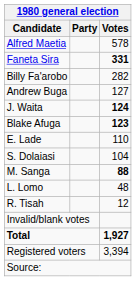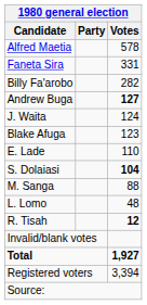 <table class=wikitable style=text-align:left>
 <tr>
 <th colspan=3><a href='#'>1980 general election</a></th>
 </tr>
 <tr>
 <th>Candidate</th>
 <th>Party</th>
 <th>Votes</th>
 </tr>
 <tr>
 <td><a href='#'>Alfred Maetia</a></td>
 <td></td>
 <td align=right>578</td>
 </tr>
 <tr>
 <td><a href='#'>Faneta Sira</a></td>
 <td></td>
-<td align=right><strong>331</strong></td>
+<td align=right>331</td>
 </tr>
 <tr>
 <td>Billy Fa'arobo</td>
 <td></td>
 <td align=right>282</td>
 </tr>
 <tr>
 <td>Andrew Buga</td>
 <td></td>
-<td align=right>127</td>
+<td align=right><strong>127</strong></td>
 </tr>
 <tr>
 <td>J. Waita</td>
 <td></td>
-<td align=right><strong>124</strong></td>
+<td align=right>124</td>
 </tr>
 <tr>
 <td>Blake Afuga</td>
 <td></td>
-<td align=right><strong>123</strong></td>
+<td align=right>123</td>
 </tr>
 <tr>
 <td>E. Lade</td>
 <td></td>
 <td align=right>110</td>
 </tr>
 <tr>
 <td>S. Dolaiasi</td>
 <td></td>
-<td align=right>104</td>
+<td align=right><strong>104</strong></td>
 </tr>
 <tr>
 <td>M. Sanga</td>
 <td></td>
-<td align=right><strong>88</strong></td>
+<td align=right>88</td>
 </tr>
 <tr>
 <td>L. Lomo</td>
 <td></td>
 <td align=right>48</td>
 </tr>
 <tr>
 <td>R. Tisah</td>
 <td></td>
-<td align=right>12</td>
+<td align=right><strong>12</strong></td>
 </tr>
 <tr>
 <td colspan=2>Invalid/blank votes</td>
 <td></td>
 </tr>
 <tr>
 <td colspan=2><strong>Total</strong></td>
 <td align=right><strong>1,927</strong></td>
 </tr>
 <tr>
 <td colspan=2>Registered voters</td>
 <td align=right>3,394</td>
 </tr>
 <tr>
 <td colspan=3>Source: </td>
 </tr>
 </table>
